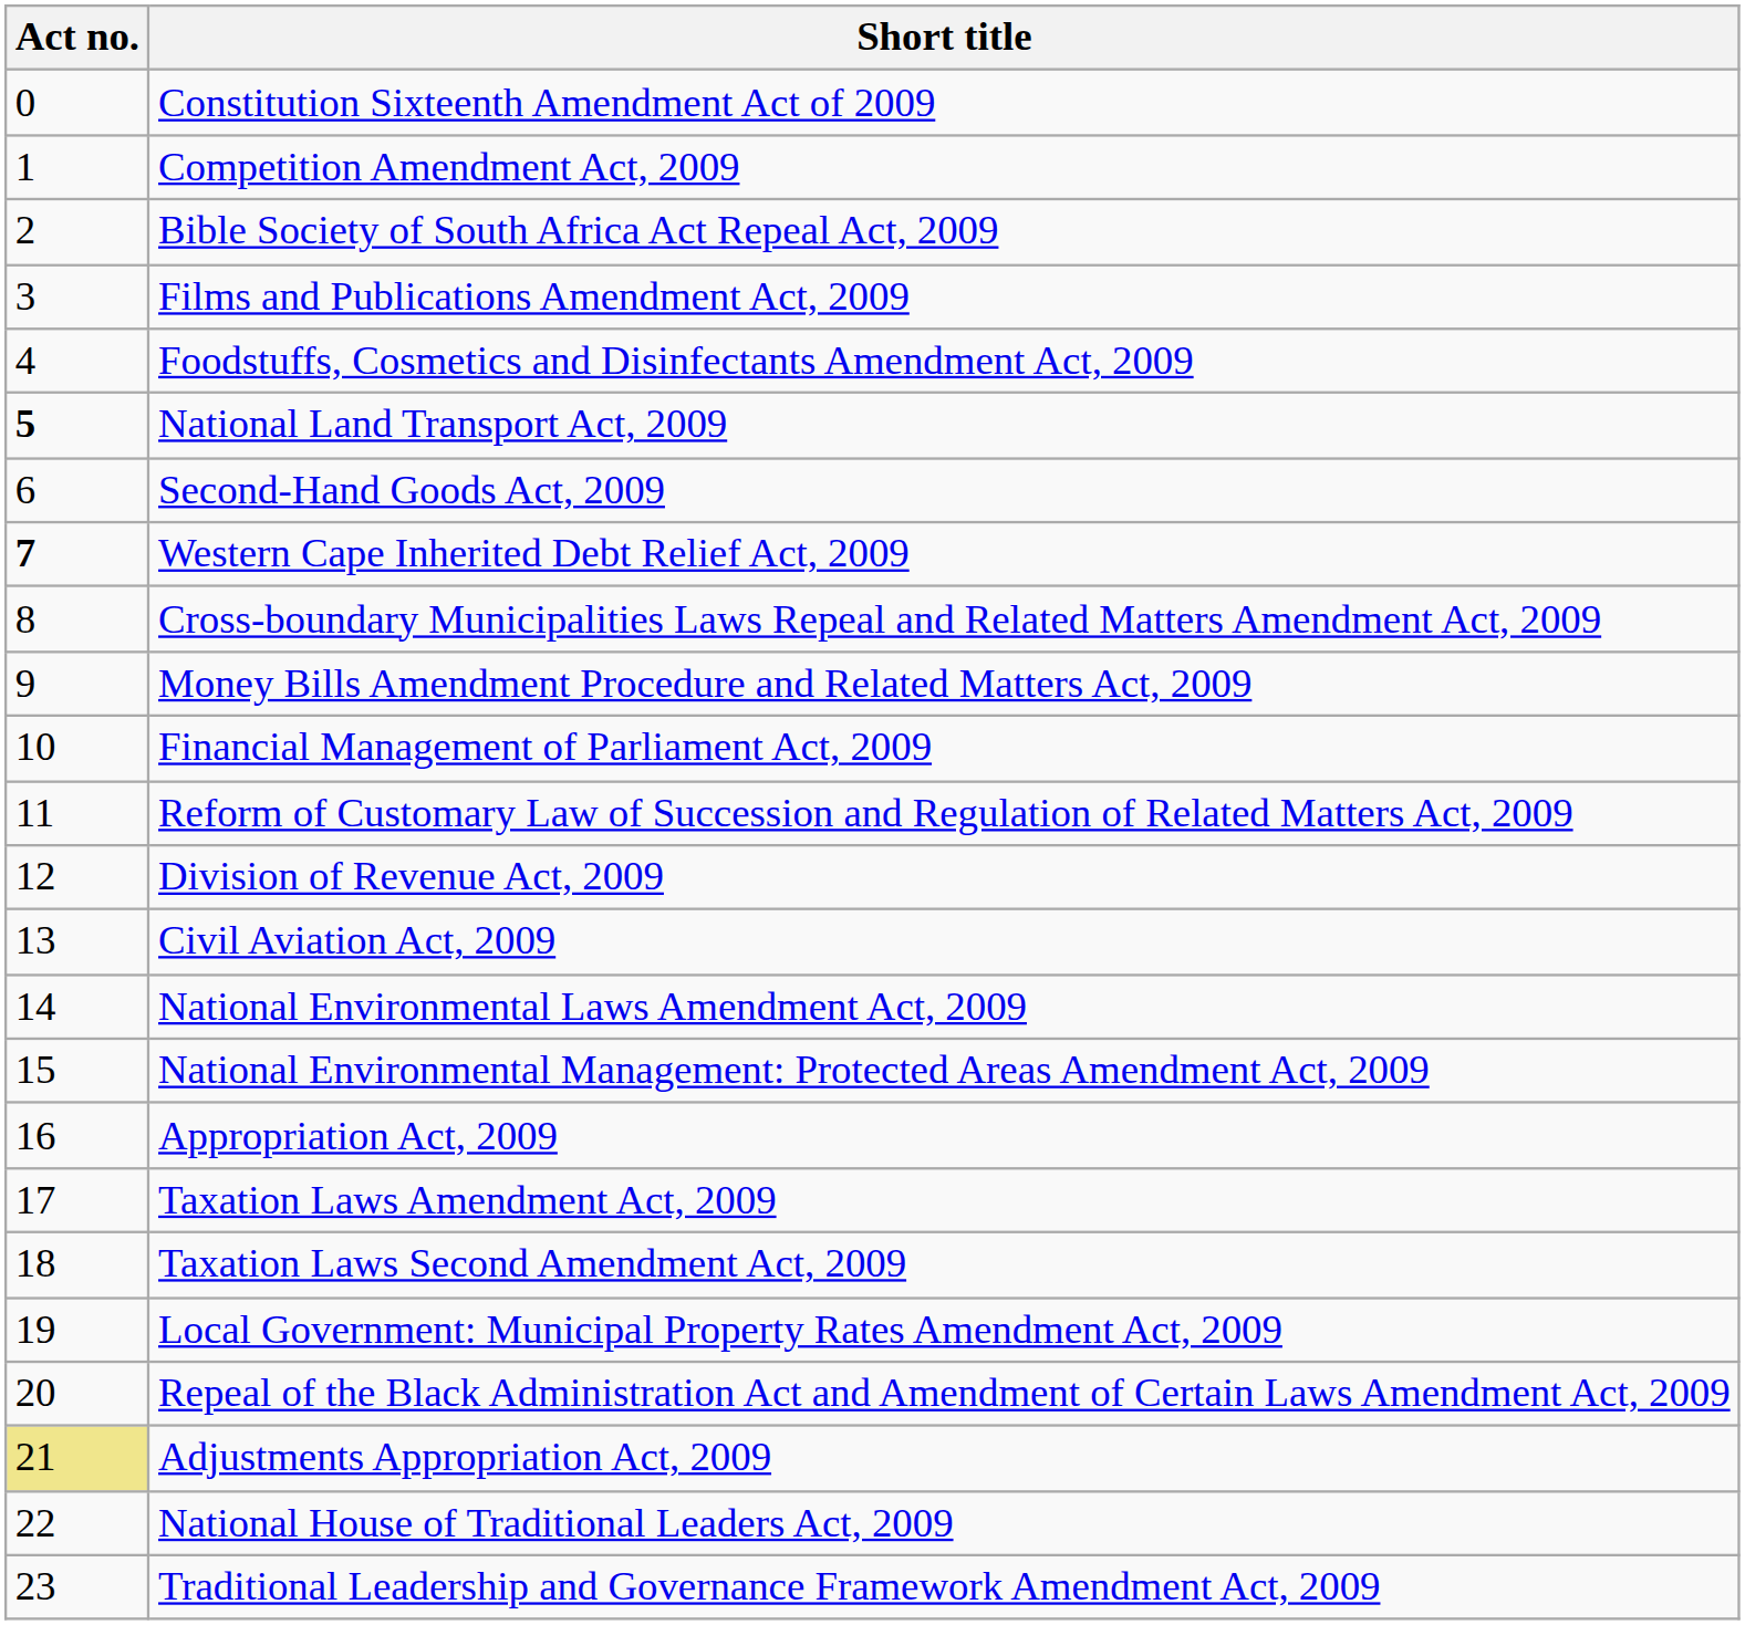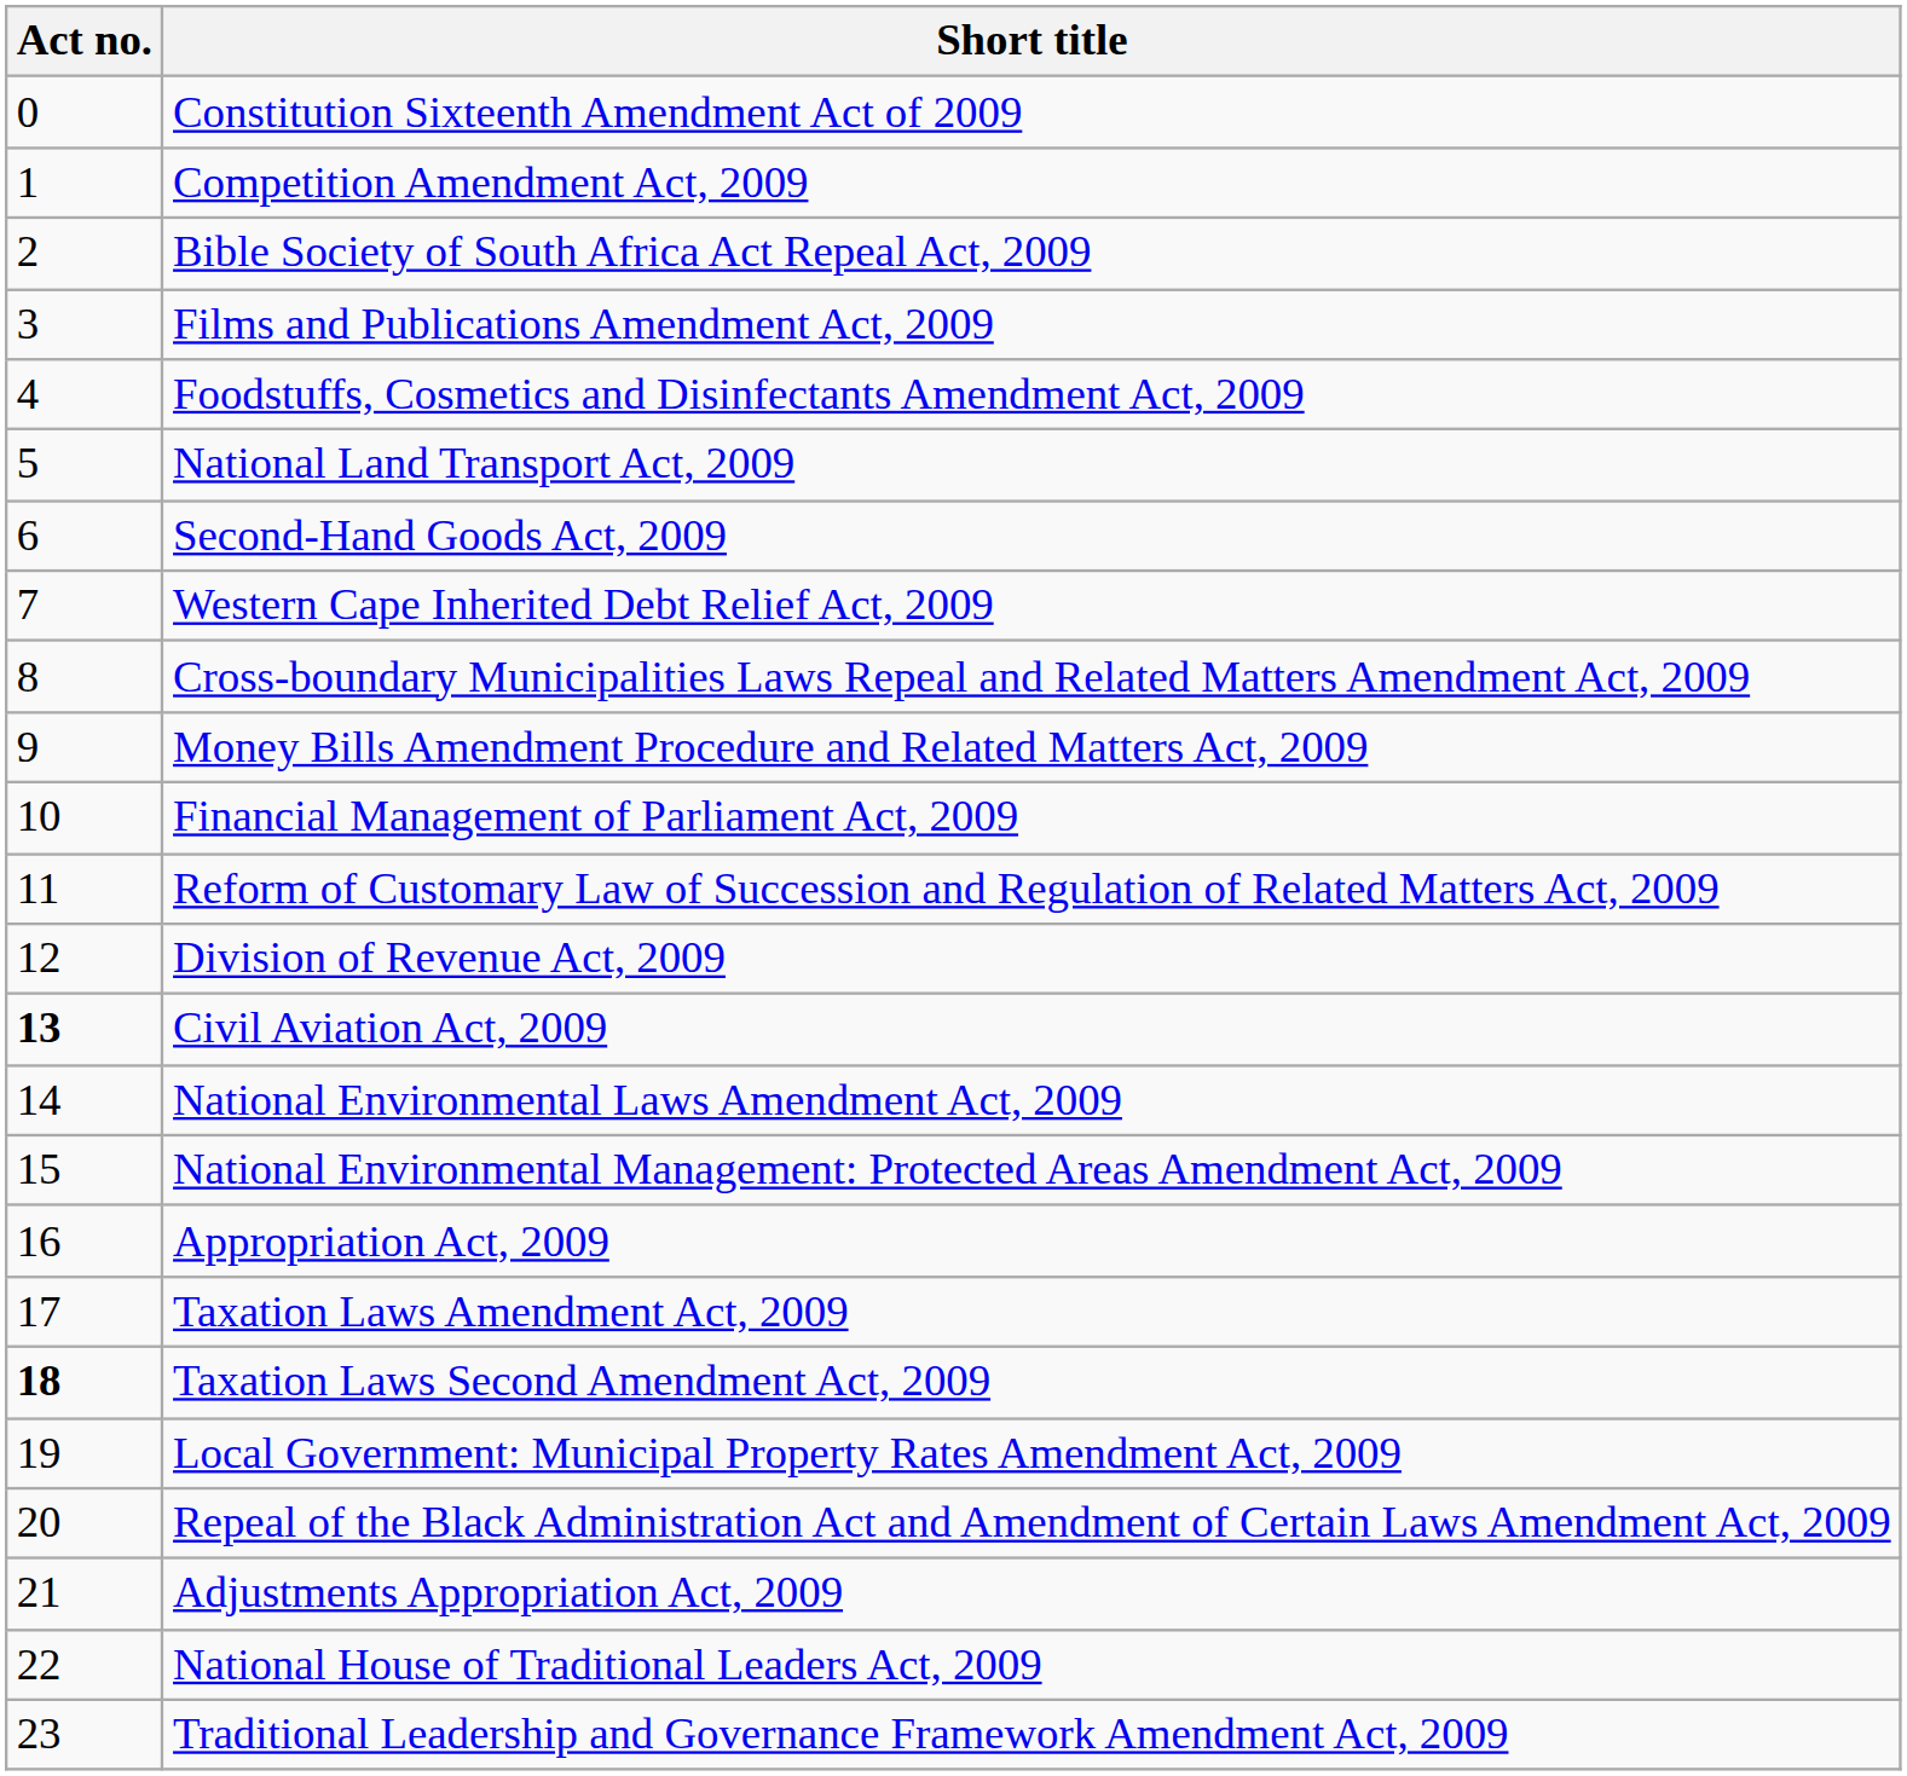 <table class="wikitable sortable">
 <tr>
 <th>Act no.</th>
 <th>Short title</th>
 </tr>
 <tr>
 <td><span>0</span></td>
 <td><a href='#'>Constitution Sixteenth Amendment Act of 2009</a></td>
 </tr>
 <tr>
 <td>1</td>
 <td><a href='#'>Competition Amendment Act, 2009</a></td>
 </tr>
 <tr>
 <td>2</td>
 <td><a href='#'>Bible Society of South Africa Act Repeal Act, 2009</a></td>
 </tr>
 <tr>
 <td>3</td>
 <td><a href='#'>Films and Publications Amendment Act, 2009</a></td>
 </tr>
 <tr>
 <td>4</td>
 <td><a href='#'>Foodstuffs, Cosmetics and Disinfectants Amendment Act, 2009</a></td>
 </tr>
 <tr>
-<td><strong>5</strong></td>
+<td>5</td>
 <td><a href='#'>National Land Transport Act, 2009</a></td>
 </tr>
 <tr>
 <td>6</td>
 <td><a href='#'>Second-Hand Goods Act, 2009</a></td>
 </tr>
 <tr>
-<td><strong>7</strong></td>
+<td>7</td>
 <td><a href='#'>Western Cape Inherited Debt Relief Act, 2009</a></td>
 </tr>
 <tr>
 <td>8</td>
 <td><a href='#'>Cross-boundary Municipalities Laws Repeal and Related Matters Amendment Act, 2009</a></td>
 </tr>
 <tr>
 <td>9</td>
 <td><a href='#'>Money Bills Amendment Procedure and Related Matters Act, 2009</a></td>
 </tr>
 <tr>
 <td>10</td>
 <td><a href='#'>Financial Management of Parliament Act, 2009</a></td>
 </tr>
 <tr>
 <td>11</td>
 <td><a href='#'>Reform of Customary Law of Succession and Regulation of Related Matters Act, 2009</a></td>
 </tr>
 <tr>
 <td>12</td>
 <td><a href='#'>Division of Revenue Act, 2009</a></td>
 </tr>
 <tr>
-<td>13</td>
+<td><strong>13</strong></td>
 <td><a href='#'>Civil Aviation Act, 2009</a></td>
 </tr>
 <tr>
 <td>14</td>
 <td><a href='#'>National Environmental Laws Amendment Act, 2009</a></td>
 </tr>
 <tr>
 <td>15</td>
 <td><a href='#'>National Environmental Management: Protected Areas Amendment Act, 2009</a></td>
 </tr>
 <tr>
 <td>16</td>
 <td><a href='#'>Appropriation Act, 2009</a></td>
 </tr>
 <tr>
 <td>17</td>
 <td><a href='#'>Taxation Laws Amendment Act, 2009</a></td>
 </tr>
 <tr>
-<td>18</td>
+<td><strong>18</strong></td>
 <td><a href='#'>Taxation Laws Second Amendment Act, 2009</a></td>
 </tr>
 <tr>
 <td>19</td>
 <td><a href='#'>Local Government: Municipal Property Rates Amendment Act, 2009</a></td>
 </tr>
 <tr>
 <td>20</td>
 <td><a href='#'>Repeal of the Black Administration Act and Amendment of Certain Laws Amendment Act, 2009</a></td>
 </tr>
 <tr>
-<td style="background: khaki;">21</td>
+<td>21</td>
 <td><a href='#'>Adjustments Appropriation Act, 2009</a></td>
 </tr>
 <tr>
 <td>22</td>
 <td><a href='#'>National House of Traditional Leaders Act, 2009</a></td>
 </tr>
 <tr>
 <td>23</td>
 <td><a href='#'>Traditional Leadership and Governance Framework Amendment Act, 2009</a></td>
 </tr>
 </table>
